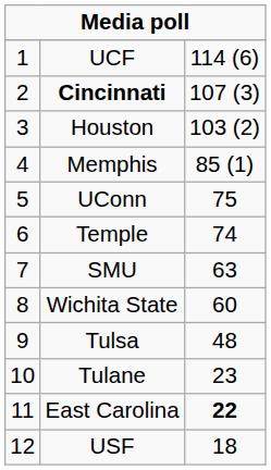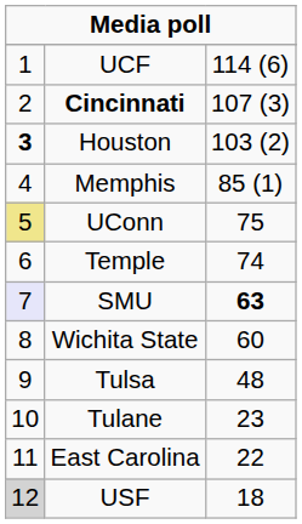 <table class="wikitable">
 <tr align="center">
 <td align="center" Colspan="3"><strong>Media poll</strong></td>
 </tr>
 <tr align="center">
 </tr>
 <tr align="center">
 <td>1</td>
 <td>UCF</td>
 <td>114 (6)</td>
 </tr>
 <tr align="center">
 <td>2</td>
 <td><strong>Cincinnati</strong></td>
 <td>107 (3)</td>
 </tr>
 <tr align="center">
-<td>3</td>
+<td><strong>3</strong></td>
 <td>Houston</td>
 <td>103 (2)</td>
 </tr>
 <tr align="center">
 <td>4</td>
 <td>Memphis</td>
 <td>85 (1)</td>
 </tr>
 <tr align="center">
-<td>5</td>
+<td style="background: khaki;">5</td>
 <td>UConn</td>
 <td>75</td>
 </tr>
 <tr align="center">
 <td>6</td>
 <td>Temple</td>
 <td>74</td>
 </tr>
 <tr align="center">
-<td>7</td>
+<td style="background: lavender;">7</td>
 <td>SMU</td>
-<td>63</td>
+<td><strong>63</strong></td>
 </tr>
 <tr align="center">
 <td>8</td>
 <td>Wichita State</td>
 <td>60</td>
 </tr>
 <tr align="center">
 <td>9</td>
 <td>Tulsa</td>
 <td>48</td>
 </tr>
 <tr align="center">
 <td>10</td>
 <td>Tulane</td>
 <td>23</td>
 </tr>
 <tr align="center">
 <td>11</td>
 <td>East Carolina</td>
-<td><strong>22</strong></td>
+<td>22</td>
 </tr>
 <tr align="center">
-<td>12</td>
+<td style="background: lightgrey;">12</td>
 <td>USF</td>
 <td>18</td>
 </tr>
 </table>
